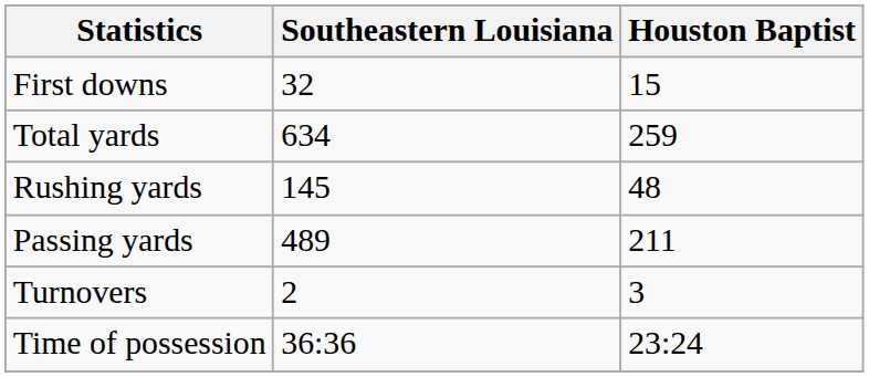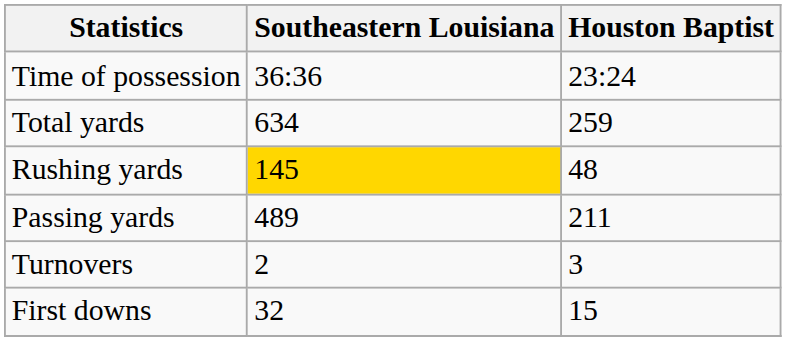 <table class="wikitable">
 <tr>
 <th>Statistics</th>
 <th>Southeastern Louisiana</th>
 <th>Houston Baptist</th>
 </tr>
 <tr>
-<td>First downs</td>
-<td>32</td>
-<td>15</td>
+<td>Time of possession</td>
+<td>36:36</td>
+<td>23:24</td>
 </tr>
 <tr>
 <td>Total yards</td>
 <td>634</td>
 <td>259</td>
 </tr>
 <tr>
 <td>Rushing yards</td>
-<td>145</td>
+<td style="background: gold;">145</td>
 <td>48</td>
 </tr>
 <tr>
 <td>Passing yards</td>
 <td>489</td>
 <td>211</td>
 </tr>
 <tr>
 <td>Turnovers</td>
 <td>2</td>
 <td>3</td>
 </tr>
 <tr>
-<td>Time of possession</td>
-<td>36:36</td>
-<td>23:24</td>
+<td>First downs</td>
+<td>32</td>
+<td>15</td>
 </tr>
 <tr>
 </tr>
 </table>
